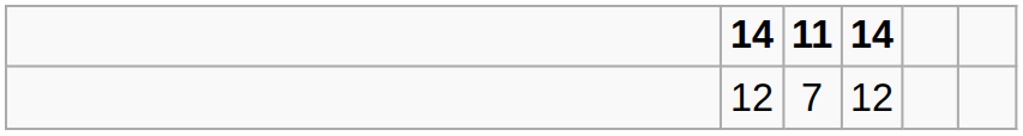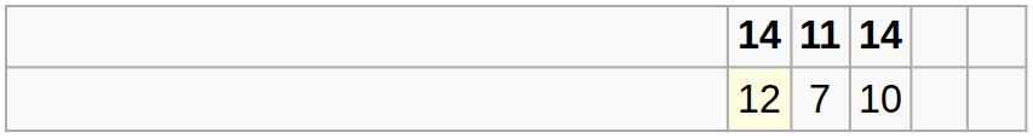 <table class="wikitable">
 <tr>
 <td style="width:18em"><strong></strong></td>
 <td align=center style="width:1em"><strong>14</strong></td>
 <td align=center style="width:1em"><strong>11</strong></td>
 <td align=center style="width:1em"><strong>14</strong></td>
 <td align=center style="width:1em"></td>
 <td align=center style="width:1em"></td>
 </tr>
 <tr>
 <td style="width:18em"></td>
-<td align=center style="width:1em">12</td>
+<td align=center style="background: lightyellow; width:1em">12</td>
 <td align=center style="width:1em">7</td>
-<td align=center style="width:1em">12</td>
+<td align=center style="width:1em">10</td>
 <td align=center style="width:1em"></td>
 <td align=center style="width:1em"></td>
 </tr>
 </table>
